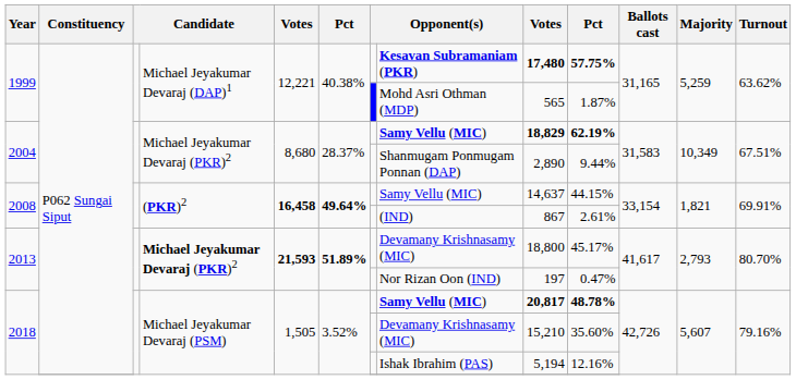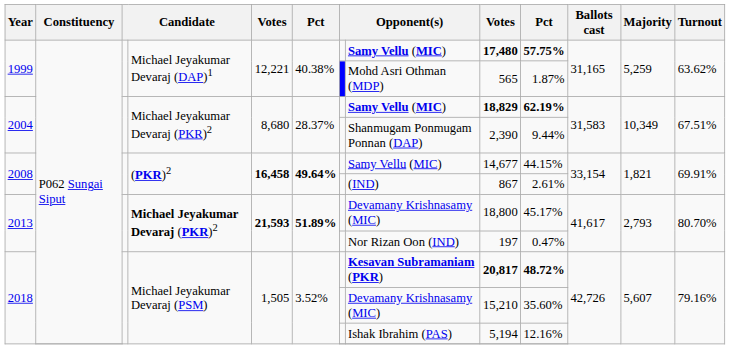 <table class="wikitable" style="margin:0.5em ; font-size:95%">
 <tr>
 <th>Year</th>
 <th>Constituency</th>
 <th colspan=2>Candidate</th>
 <th>Votes</th>
 <th>Pct</th>
 <th colspan=2>Opponent(s)</th>
 <th>Votes</th>
 <th>Pct</th>
 <th>Ballots cast</th>
 <th>Majority</th>
 <th>Turnout</th>
 </tr>
 <tr>
 <td rowspan="2"><a href='#'>1999</a></td>
 <td rowspan=11>P062 <a href='#'>Sungai Siput</a></td>
 <td rowspan="2" ></td>
 <td rowspan="2">Michael Jeyakumar Devaraj (<a href='#'>DAP</a>)<sup>1</sup></td>
 <td rowspan="2" align="right">12,221</td>
 <td rowspan="2">40.38%</td>
 <td></td>
-<td><strong><a href='#'>Kesavan Subramaniam</a></strong> (<a href='#'><strong>PKR</strong></a>)</td>
+<td><strong><a href='#'>Samy Vellu</a></strong> (<a href='#'><strong>MIC</strong></a>)</td>
 <td align="right"><strong>17,480</strong></td>
 <td><strong>57.75%</strong></td>
 <td rowspan="2">31,165</td>
 <td rowspan="2">5,259</td>
 <td rowspan="2">63.62%</td>
 </tr>
 <tr>
 <td style="background-color: #0000FF;"></td>
 <td>Mohd Asri Othman (<a href='#'>MDP</a>)</td>
 <td align="right">565</td>
 <td align="right">1.87%</td>
 </tr>
 <tr>
 <td rowspan="2"><a href='#'>2004</a></td>
 <td rowspan="2" ></td>
 <td rowspan="2">Michael Jeyakumar Devaraj (<a href='#'>PKR</a>)<sup>2</sup></td>
 <td rowspan="2" align="right">8,680</td>
 <td rowspan="2">28.37%</td>
 <td></td>
 <td><strong><a href='#'>Samy Vellu</a></strong> (<a href='#'><strong>MIC</strong></a>)</td>
 <td align="right"><strong>18,829</strong></td>
 <td><strong>62.19%</strong></td>
 <td rowspan="2">31,583</td>
 <td rowspan="2">10,349</td>
 <td rowspan="2">67.51%</td>
 </tr>
 <tr>
 <td></td>
 <td>Shanmugam Ponmugam Ponnan (<a href='#'>DAP</a>)</td>
-<td align="right">2,890</td>
+<td align="right">2,390</td>
 <td align="right">9.44%</td>
 </tr>
 <tr>
 <td rowspan="2"><a href='#'>2008</a></td>
 <td rowspan="2" ></td>
 <td rowspan="2"> (<a href='#'><strong>PKR</strong></a>)<sup>2</sup></td>
 <td rowspan="2" align="right"><strong>16,458</strong></td>
 <td rowspan="2"><strong>49.64%</strong></td>
 <td></td>
 <td><a href='#'>Samy Vellu</a> (<a href='#'>MIC</a>)</td>
-<td align="right">14,637</td>
+<td align="right">14,677</td>
 <td>44.15%</td>
 <td rowspan="2">33,154</td>
 <td rowspan="2">1,821</td>
 <td rowspan="2">69.91%</td>
 </tr>
 <tr>
 <td></td>
 <td> (<a href='#'>IND</a>)</td>
 <td align="right">867</td>
 <td align="right">2.61%</td>
 </tr>
 <tr>
 <td rowspan="2"><a href='#'>2013</a></td>
 <td rowspan="2" ></td>
 <td rowspan="2"><strong>Michael Jeyakumar Devaraj</strong> (<a href='#'><strong>PKR</strong></a>)<sup>2</sup></td>
 <td rowspan="2" align="right"><strong>21,593</strong></td>
 <td rowspan="2"><strong>51.89%</strong></td>
 <td></td>
 <td><a href='#'>Devamany Krishnasamy</a> (<a href='#'>MIC</a>)</td>
 <td align="right">18,800</td>
 <td>45.17%</td>
 <td rowspan="2">41,617</td>
 <td rowspan="2">2,793</td>
 <td rowspan="2">80.70%</td>
 </tr>
 <tr>
 <td></td>
 <td>Nor Rizan Oon (<a href='#'>IND</a>)</td>
 <td align="right">197</td>
 <td align="right">0.47%</td>
 </tr>
 <tr>
 <td rowspan="4"><a href='#'>2018</a></td>
 <td rowspan="4" bgcolor=></td>
 <td rowspan="4">Michael Jeyakumar Devaraj (<a href='#'>PSM</a>)</td>
 <td rowspan="4" align="right">1,505</td>
 <td rowspan="4">3.52%</td>
 <td></td>
-<td><strong><a href='#'>Samy Vellu</a></strong> (<a href='#'><strong>MIC</strong></a>)</td>
+<td><strong><a href='#'>Kesavan Subramaniam</a></strong> (<a href='#'><strong>PKR</strong></a>)</td>
 <td align="right"><strong>20,817</strong></td>
-<td><strong>48.78%</strong></td>
+<td><strong>48.72%</strong></td>
 <td rowspan="4">42,726</td>
 <td rowspan="4">5,607</td>
 <td rowspan="4">79.16%</td>
 </tr>
 <tr>
 <td></td>
 <td><a href='#'>Devamany Krishnasamy</a> (<a href='#'>MIC</a>)</td>
 <td align="right">15,210</td>
 <td>35.60%</td>
 </tr>
 <tr>
 <td></td>
 <td>Ishak Ibrahim (<a href='#'>PAS</a>)</td>
 <td align="right">5,194</td>
 <td>12.16%</td>
 </tr>
 <tr>
 </tr>
 </table>
